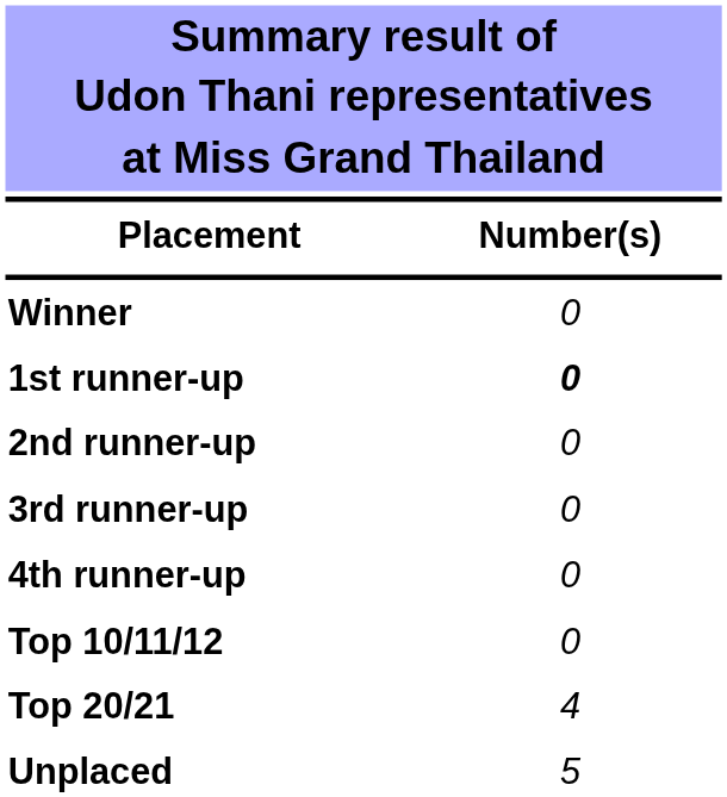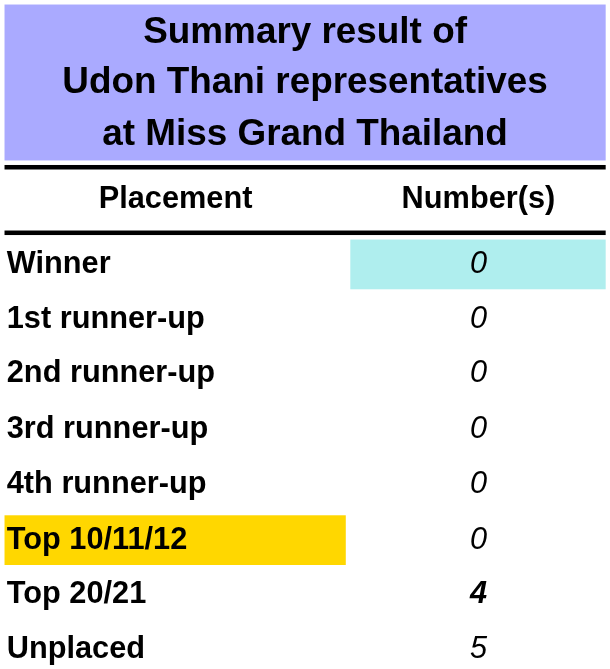 <table style="width: 270px; font-size:85%; line-height:1.5em;">
 <tr>
 <th colspan="2" align="center" style="background:#AAF;"><big>Summary result of<br>Udon Thani representatives<br>at Miss Grand Thailand</big></th>
 </tr>
 <tr>
 <td colspan="2" style="background:black"></td>
 </tr>
 <tr>
 <th scope="col">Placement</th>
 <th scope="col">Number(s)</th>
 </tr>
 <tr>
 <td colspan="2" style="background:black"></td>
 </tr>
 <tr>
 <td align="left"><strong>Winner</strong></td>
-<td align="center"><em>0</em></td>
+<td align="center" style="background: paleturquoise;"><em>0</em></td>
 </tr>
 <tr>
 <td align="left"><strong>1st runner-up</strong></td>
-<td align="center"><strong><em>0</em></strong></td>
+<td align="center"><em>0</em></td>
 </tr>
 <tr>
 <td align="left"><strong>2nd runner-up</strong></td>
 <td align="center"><em>0</em></td>
 </tr>
 <tr>
 <td align="left"><strong>3rd runner-up</strong></td>
 <td align="center"><em>0</em></td>
 </tr>
 <tr>
 <td align="left"><strong>4th runner-up</strong></td>
 <td align="center"><em>0</em></td>
 </tr>
 <tr>
-<td align="left"><strong>Top 10/11/12</strong></td>
+<td align="left" style="background: gold;"><strong>Top 10/11/12</strong></td>
 <td align="center"><em>0</em></td>
 </tr>
 <tr>
 <td align="left"><strong>Top 20/21</strong></td>
-<td align="center"><em>4</em></td>
+<td align="center"><strong><em>4</em></strong></td>
 </tr>
 <tr>
 <td align="left"><strong>Unplaced</strong></td>
 <td align="center"><em>5</em></td>
 </tr>
 </table>
